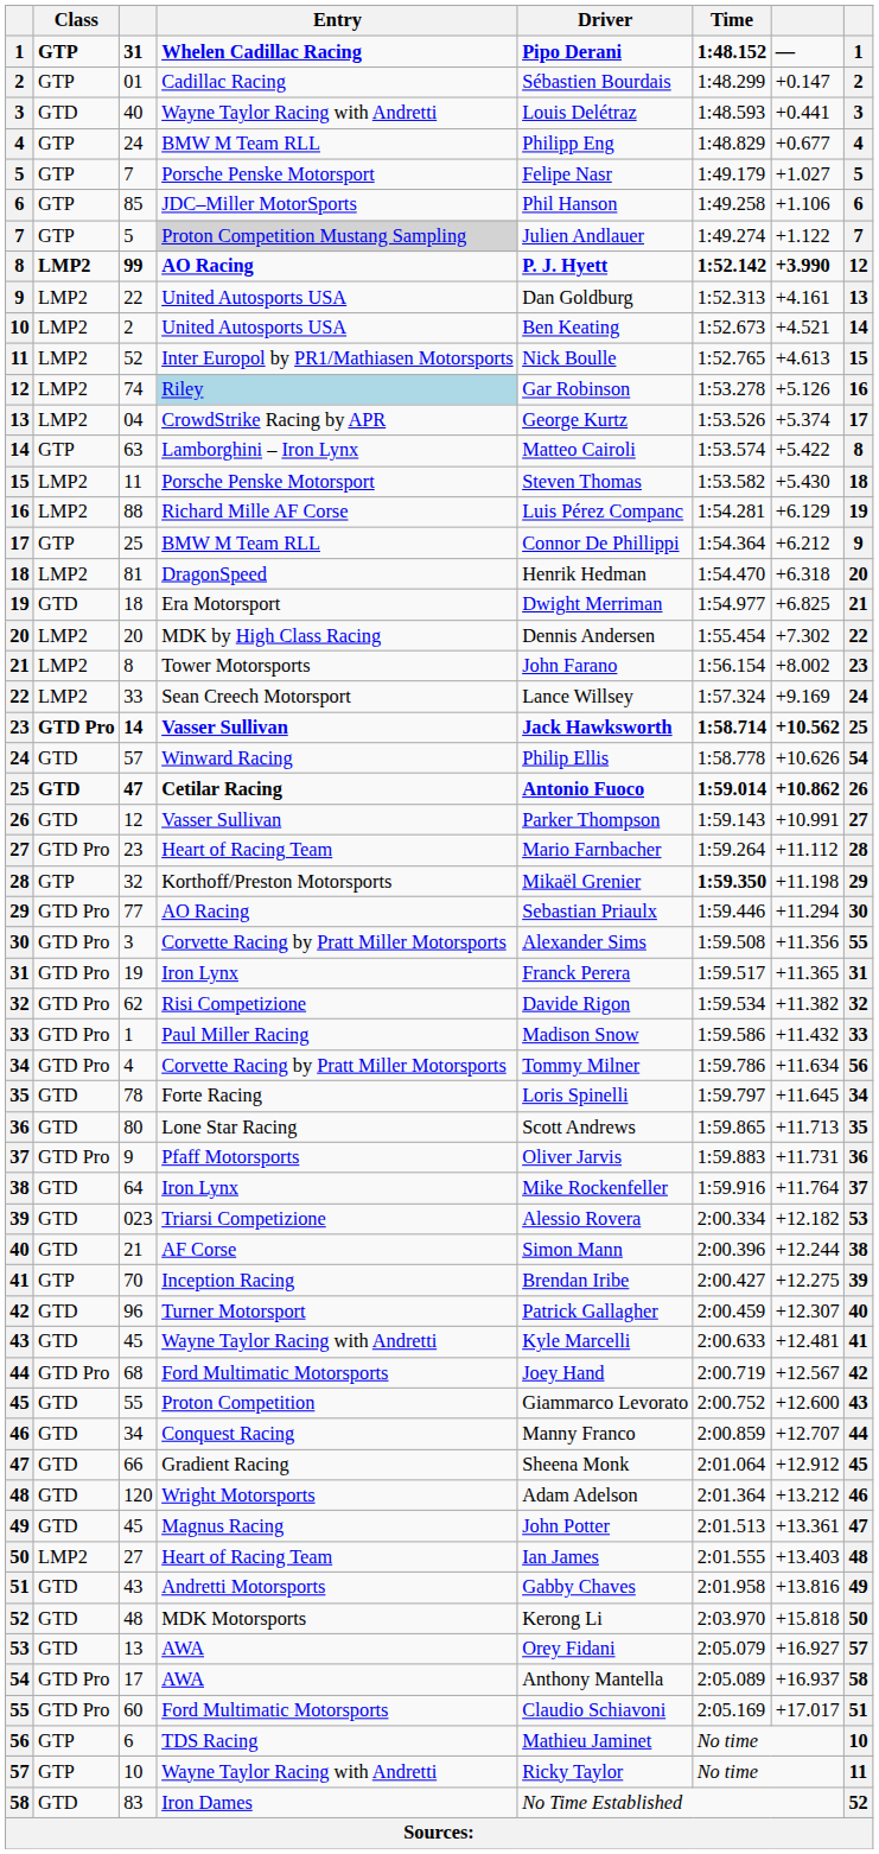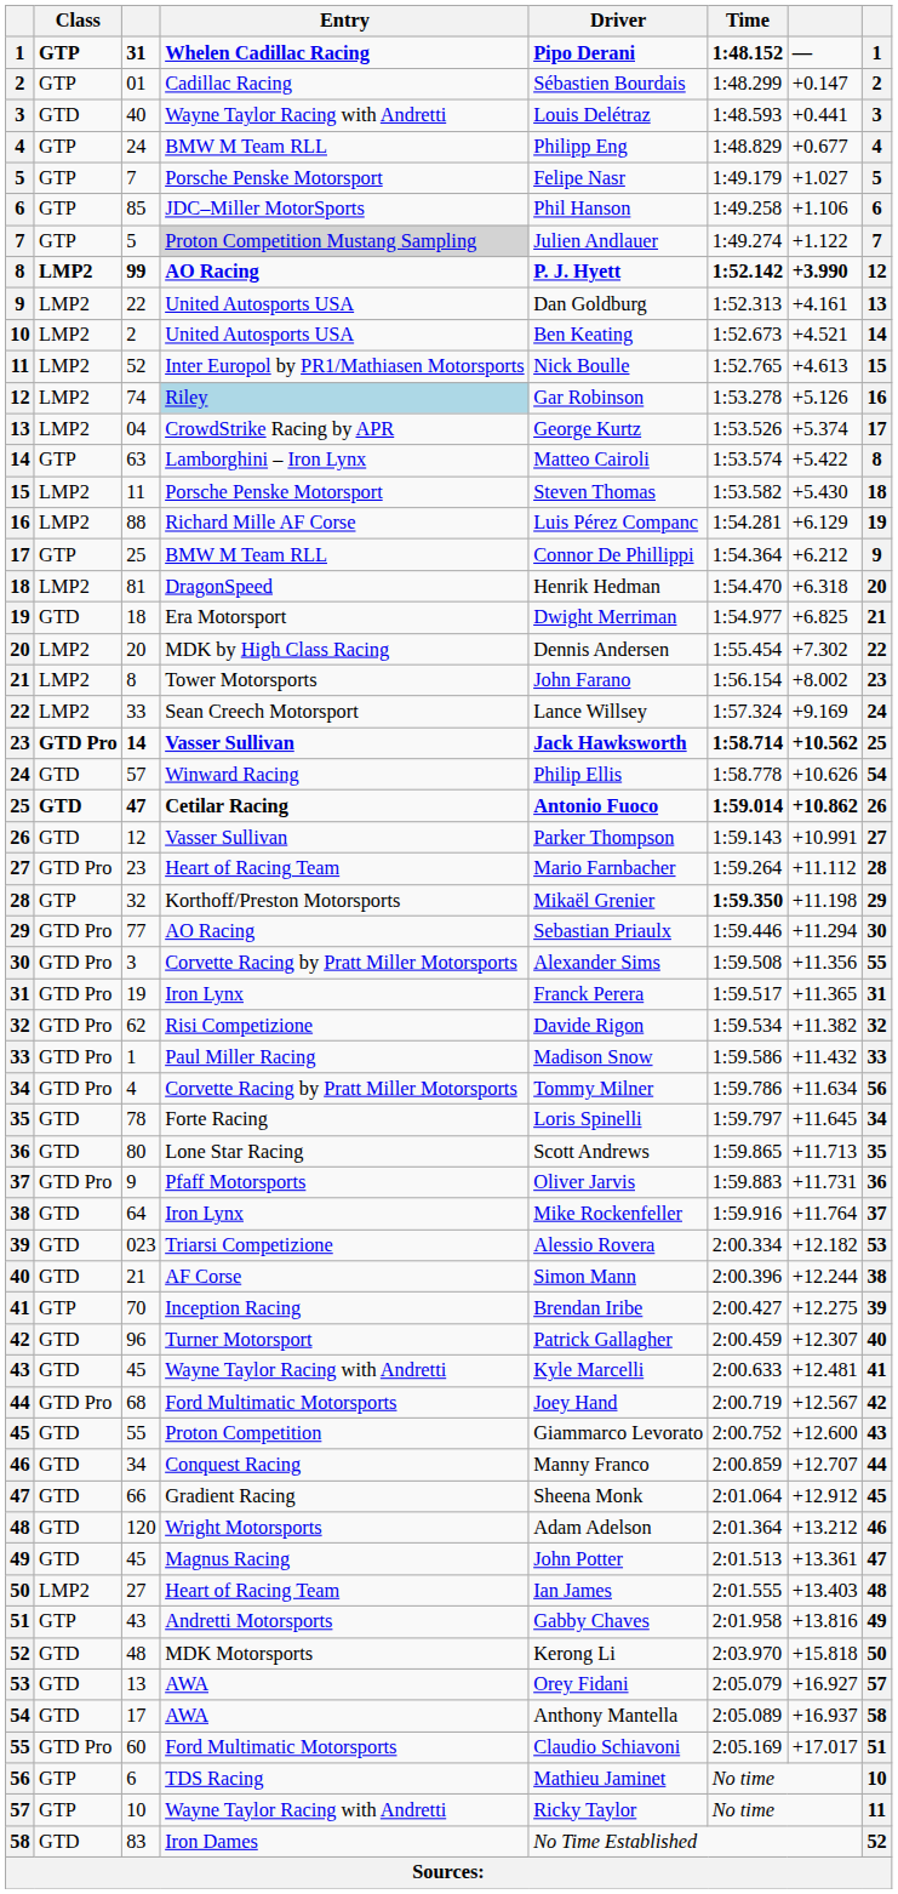 <table class="wikitable">
 <tr>
 <th></th>
 <th>Class</th>
 <th></th>
 <th>Entry</th>
 <th>Driver</th>
 <th>Time</th>
 <th></th>
 <th></th>
 </tr>
 <tr style="font-weight:bold;">
 <th>1</th>
 <td>GTP</td>
 <td>31</td>
 <td> <a href='#'>Whelen Cadillac Racing</a></td>
 <td> <a href='#'>Pipo Derani</a></td>
 <td>1:48.152</td>
 <td>—</td>
 <th>1</th>
 </tr>
 <tr>
 <th>2</th>
 <td>GTP</td>
 <td>01</td>
 <td> <a href='#'>Cadillac Racing</a></td>
 <td> <a href='#'>Sébastien Bourdais</a></td>
 <td>1:48.299</td>
 <td>+0.147</td>
 <th>2</th>
 </tr>
 <tr>
 <th>3</th>
 <td>GTD</td>
 <td>40</td>
 <td> <a href='#'>Wayne Taylor Racing</a> with <a href='#'>Andretti</a></td>
 <td> <a href='#'>Louis Delétraz</a></td>
 <td>1:48.593</td>
 <td>+0.441</td>
 <th>3</th>
 </tr>
 <tr>
 <th>4</th>
 <td>GTP</td>
 <td>24</td>
 <td> <a href='#'>BMW M Team RLL</a></td>
 <td> <a href='#'>Philipp Eng</a></td>
 <td>1:48.829</td>
 <td>+0.677</td>
 <th>4</th>
 </tr>
 <tr>
 <th>5</th>
 <td>GTP</td>
 <td>7</td>
 <td> <a href='#'>Porsche Penske Motorsport</a></td>
 <td> <a href='#'>Felipe Nasr</a></td>
 <td>1:49.179</td>
 <td>+1.027</td>
 <th>5</th>
 </tr>
 <tr>
 <th>6</th>
 <td>GTP</td>
 <td>85</td>
 <td> <a href='#'>JDC–Miller MotorSports</a></td>
 <td> <a href='#'>Phil Hanson</a></td>
 <td>1:49.258</td>
 <td>+1.106</td>
 <th>6</th>
 </tr>
 <tr>
 <th>7</th>
 <td>GTP</td>
 <td>5</td>
 <td style="background: lightgrey;"> <a href='#'>Proton Competition Mustang Sampling</a></td>
 <td> <a href='#'>Julien Andlauer</a></td>
 <td>1:49.274</td>
 <td>+1.122</td>
 <th>7</th>
 </tr>
 <tr style="font-weight:bold;">
 <th>8</th>
 <td>LMP2</td>
 <td>99</td>
 <td> <a href='#'>AO Racing</a></td>
 <td> <a href='#'>P. J. Hyett</a></td>
 <td>1:52.142</td>
 <td>+3.990</td>
 <th>12</th>
 </tr>
 <tr>
 <th>9</th>
 <td>LMP2</td>
 <td>22</td>
 <td> <a href='#'>United Autosports USA</a></td>
 <td> Dan Goldburg</td>
 <td>1:52.313</td>
 <td>+4.161</td>
 <th>13</th>
 </tr>
 <tr>
 <th>10</th>
 <td>LMP2</td>
 <td>2</td>
 <td> <a href='#'>United Autosports USA</a></td>
 <td> <a href='#'>Ben Keating</a></td>
 <td>1:52.673</td>
 <td>+4.521</td>
 <th>14</th>
 </tr>
 <tr>
 <th>11</th>
 <td>LMP2</td>
 <td>52</td>
 <td> <a href='#'>Inter Europol</a> by <a href='#'>PR1/Mathiasen Motorsports</a></td>
 <td> <a href='#'>Nick Boulle</a></td>
 <td>1:52.765</td>
 <td>+4.613</td>
 <th>15</th>
 </tr>
 <tr>
 <th>12</th>
 <td>LMP2</td>
 <td>74</td>
 <td style="background: lightblue;"> <a href='#'>Riley</a></td>
 <td> <a href='#'>Gar Robinson</a></td>
 <td>1:53.278</td>
 <td>+5.126</td>
 <th>16</th>
 </tr>
 <tr>
 <th>13</th>
 <td>LMP2</td>
 <td>04</td>
 <td> <a href='#'>CrowdStrike</a> Racing by <a href='#'>APR</a></td>
 <td> <a href='#'>George Kurtz</a></td>
 <td>1:53.526</td>
 <td>+5.374</td>
 <th>17</th>
 </tr>
 <tr>
 <th>14</th>
 <td>GTP</td>
 <td>63</td>
 <td> <a href='#'>Lamborghini</a> – <a href='#'>Iron Lynx</a></td>
 <td> <a href='#'>Matteo Cairoli</a></td>
 <td>1:53.574</td>
 <td>+5.422</td>
 <th>8</th>
 </tr>
 <tr>
 <th>15</th>
 <td>LMP2</td>
 <td>11</td>
 <td> <a href='#'>Porsche Penske Motorsport</a></td>
 <td> <a href='#'>Steven Thomas</a></td>
 <td>1:53.582</td>
 <td>+5.430</td>
 <th>18</th>
 </tr>
 <tr>
 <th>16</th>
 <td>LMP2</td>
 <td>88</td>
 <td> <a href='#'>Richard Mille AF Corse</a></td>
 <td> <a href='#'>Luis Pérez Companc</a></td>
 <td>1:54.281</td>
 <td>+6.129</td>
 <th>19</th>
 </tr>
 <tr>
 <th>17</th>
 <td>GTP</td>
 <td>25</td>
 <td> <a href='#'>BMW M Team RLL</a></td>
 <td> <a href='#'>Connor De Phillippi</a></td>
 <td>1:54.364</td>
 <td>+6.212</td>
 <th>9</th>
 </tr>
 <tr>
 <th>18</th>
 <td>LMP2</td>
 <td>81</td>
 <td> <a href='#'>DragonSpeed</a></td>
 <td> Henrik Hedman</td>
 <td>1:54.470</td>
 <td>+6.318</td>
 <th>20</th>
 </tr>
 <tr>
 <th>19</th>
 <td>GTD</td>
 <td>18</td>
 <td> Era Motorsport</td>
 <td> <a href='#'>Dwight Merriman</a></td>
 <td>1:54.977</td>
 <td>+6.825</td>
 <th>21</th>
 </tr>
 <tr>
 <th>20</th>
 <td>LMP2</td>
 <td>20</td>
 <td> MDK by <a href='#'>High Class Racing</a></td>
 <td> Dennis Andersen</td>
 <td>1:55.454</td>
 <td>+7.302</td>
 <th>22</th>
 </tr>
 <tr>
 <th>21</th>
 <td>LMP2</td>
 <td>8</td>
 <td> Tower Motorsports</td>
 <td> <a href='#'>John Farano</a></td>
 <td>1:56.154</td>
 <td>+8.002</td>
 <th>23</th>
 </tr>
 <tr>
 <th>22</th>
 <td>LMP2</td>
 <td>33</td>
 <td> Sean Creech Motorsport</td>
 <td> Lance Willsey</td>
 <td>1:57.324</td>
 <td>+9.169</td>
 <th>24</th>
 </tr>
 <tr style="font-weight:bold;">
 <th>23</th>
 <td>GTD Pro</td>
 <td>14</td>
 <td> <a href='#'>Vasser Sullivan</a></td>
 <td> <a href='#'>Jack Hawksworth</a></td>
 <td>1:58.714</td>
 <td>+10.562</td>
 <th>25</th>
 </tr>
 <tr>
 <th>24</th>
 <td>GTD</td>
 <td>57</td>
 <td> <a href='#'>Winward Racing</a></td>
 <td> <a href='#'>Philip Ellis</a></td>
 <td>1:58.778</td>
 <td>+10.626</td>
 <th>54</th>
 </tr>
 <tr style="font-weight:bold;">
 <th>25</th>
 <td>GTD</td>
 <td>47</td>
 <td> Cetilar Racing</td>
 <td> <a href='#'>Antonio Fuoco</a></td>
 <td>1:59.014</td>
 <td>+10.862</td>
 <th>26</th>
 </tr>
 <tr>
 <th>26</th>
 <td>GTD</td>
 <td>12</td>
 <td> <a href='#'>Vasser Sullivan</a></td>
 <td> <a href='#'>Parker Thompson</a></td>
 <td>1:59.143</td>
 <td>+10.991</td>
 <th>27</th>
 </tr>
 <tr>
 <th>27</th>
 <td>GTD Pro</td>
 <td>23</td>
 <td> <a href='#'>Heart of Racing Team</a></td>
 <td> <a href='#'>Mario Farnbacher</a></td>
 <td>1:59.264</td>
 <td>+11.112</td>
 <th>28</th>
 </tr>
 <tr>
 <th>28</th>
 <td>GTP</td>
 <td>32</td>
 <td> Korthoff/Preston Motorsports</td>
 <td> <a href='#'>Mikaël Grenier</a></td>
 <td><strong>1:59.350</strong></td>
 <td>+11.198</td>
 <th>29</th>
 </tr>
 <tr>
 <th>29</th>
 <td>GTD Pro</td>
 <td>77</td>
 <td> <a href='#'>AO Racing</a></td>
 <td> <a href='#'>Sebastian Priaulx</a></td>
 <td>1:59.446</td>
 <td>+11.294</td>
 <th>30</th>
 </tr>
 <tr>
 <th>30</th>
 <td>GTD Pro</td>
 <td>3</td>
 <td> <a href='#'>Corvette Racing</a> by <a href='#'>Pratt Miller Motorsports</a></td>
 <td> <a href='#'>Alexander Sims</a></td>
 <td>1:59.508</td>
 <td>+11.356</td>
 <th>55</th>
 </tr>
 <tr>
 <th>31</th>
 <td>GTD Pro</td>
 <td>19</td>
 <td> <a href='#'>Iron Lynx</a></td>
 <td> <a href='#'>Franck Perera</a></td>
 <td>1:59.517</td>
 <td>+11.365</td>
 <th>31</th>
 </tr>
 <tr>
 <th>32</th>
 <td>GTD Pro</td>
 <td>62</td>
 <td> <a href='#'>Risi Competizione</a></td>
 <td> <a href='#'>Davide Rigon</a></td>
 <td>1:59.534</td>
 <td>+11.382</td>
 <th>32</th>
 </tr>
 <tr>
 <th>33</th>
 <td>GTD Pro</td>
 <td>1</td>
 <td> <a href='#'>Paul Miller Racing</a></td>
 <td> <a href='#'>Madison Snow</a></td>
 <td>1:59.586</td>
 <td>+11.432</td>
 <th>33</th>
 </tr>
 <tr>
 <th>34</th>
 <td>GTD Pro</td>
 <td>4</td>
 <td> <a href='#'>Corvette Racing</a> by <a href='#'>Pratt Miller Motorsports</a></td>
 <td> <a href='#'>Tommy Milner</a></td>
 <td>1:59.786</td>
 <td>+11.634</td>
 <th>56</th>
 </tr>
 <tr>
 <th>35</th>
 <td>GTD</td>
 <td>78</td>
 <td> Forte Racing</td>
 <td> <a href='#'>Loris Spinelli</a></td>
 <td>1:59.797</td>
 <td>+11.645</td>
 <th>34</th>
 </tr>
 <tr>
 <th>36</th>
 <td>GTD</td>
 <td>80</td>
 <td> Lone Star Racing</td>
 <td> Scott Andrews</td>
 <td>1:59.865</td>
 <td>+11.713</td>
 <th>35</th>
 </tr>
 <tr>
 <th>37</th>
 <td>GTD Pro</td>
 <td>9</td>
 <td> <a href='#'>Pfaff Motorsports</a></td>
 <td> <a href='#'>Oliver Jarvis</a></td>
 <td>1:59.883</td>
 <td>+11.731</td>
 <th>36</th>
 </tr>
 <tr>
 <th>38</th>
 <td>GTD</td>
 <td>64</td>
 <td> <a href='#'>Iron Lynx</a></td>
 <td> <a href='#'>Mike Rockenfeller</a></td>
 <td>1:59.916</td>
 <td>+11.764</td>
 <th>37</th>
 </tr>
 <tr>
 <th>39</th>
 <td>GTD</td>
 <td>023</td>
 <td> <a href='#'>Triarsi Competizione</a></td>
 <td> <a href='#'>Alessio Rovera</a></td>
 <td>2:00.334</td>
 <td>+12.182</td>
 <th>53</th>
 </tr>
 <tr>
 <th>40</th>
 <td>GTD</td>
 <td>21</td>
 <td> <a href='#'>AF Corse</a></td>
 <td> <a href='#'>Simon Mann</a></td>
 <td>2:00.396</td>
 <td>+12.244</td>
 <th>38</th>
 </tr>
 <tr>
 <th>41</th>
 <td>GTP</td>
 <td>70</td>
 <td> <a href='#'>Inception Racing</a></td>
 <td> <a href='#'>Brendan Iribe</a></td>
 <td>2:00.427</td>
 <td>+12.275</td>
 <th>39</th>
 </tr>
 <tr>
 <th>42</th>
 <td>GTD</td>
 <td>96</td>
 <td> <a href='#'>Turner Motorsport</a></td>
 <td> <a href='#'>Patrick Gallagher</a></td>
 <td>2:00.459</td>
 <td>+12.307</td>
 <th>40</th>
 </tr>
 <tr>
 <th>43</th>
 <td>GTD</td>
 <td>45</td>
 <td> <a href='#'>Wayne Taylor Racing</a> with <a href='#'>Andretti</a></td>
 <td> <a href='#'>Kyle Marcelli</a></td>
 <td>2:00.633</td>
 <td>+12.481</td>
 <th>41</th>
 </tr>
 <tr>
 <th>44</th>
 <td>GTD Pro</td>
 <td>68</td>
 <td> <a href='#'>Ford Multimatic Motorsports</a></td>
 <td> <a href='#'>Joey Hand</a></td>
 <td>2:00.719</td>
 <td>+12.567</td>
 <th>42</th>
 </tr>
 <tr>
 <th>45</th>
 <td>GTD</td>
 <td>55</td>
 <td> <a href='#'>Proton Competition</a></td>
 <td> Giammarco Levorato</td>
 <td>2:00.752</td>
 <td>+12.600</td>
 <th>43</th>
 </tr>
 <tr>
 <th>46</th>
 <td>GTD</td>
 <td>34</td>
 <td> <a href='#'>Conquest Racing</a></td>
 <td> Manny Franco</td>
 <td>2:00.859</td>
 <td>+12.707</td>
 <th>44</th>
 </tr>
 <tr>
 <th>47</th>
 <td>GTD</td>
 <td>66</td>
 <td> Gradient Racing</td>
 <td> Sheena Monk</td>
 <td>2:01.064</td>
 <td>+12.912</td>
 <th>45</th>
 </tr>
 <tr>
 <th>48</th>
 <td>GTD</td>
 <td>120</td>
 <td> <a href='#'>Wright Motorsports</a></td>
 <td> Adam Adelson</td>
 <td>2:01.364</td>
 <td>+13.212</td>
 <th>46</th>
 </tr>
 <tr>
 <th>49</th>
 <td>GTD</td>
 <td>45</td>
 <td> <a href='#'>Magnus Racing</a></td>
 <td> <a href='#'>John Potter</a></td>
 <td>2:01.513</td>
 <td>+13.361</td>
 <th>47</th>
 </tr>
 <tr>
 <th>50</th>
 <td>LMP2</td>
 <td>27</td>
 <td> <a href='#'>Heart of Racing Team</a></td>
 <td> <a href='#'>Ian James</a></td>
 <td>2:01.555</td>
 <td>+13.403</td>
 <th>48</th>
 </tr>
 <tr>
 <th>51</th>
-<td>GTD</td>
+<td>GTP</td>
 <td>43</td>
 <td> <a href='#'>Andretti Motorsports</a></td>
 <td> <a href='#'>Gabby Chaves</a></td>
 <td>2:01.958</td>
 <td>+13.816</td>
 <th>49</th>
 </tr>
 <tr>
 <th>52</th>
 <td>GTD</td>
 <td>48</td>
 <td> MDK Motorsports</td>
 <td> Kerong Li</td>
 <td>2:03.970</td>
 <td>+15.818</td>
 <th>50</th>
 </tr>
 <tr>
 <th>53</th>
 <td>GTD</td>
 <td>13</td>
 <td> <a href='#'>AWA</a></td>
 <td> <a href='#'>Orey Fidani</a></td>
 <td>2:05.079</td>
 <td>+16.927</td>
 <th>57</th>
 </tr>
 <tr>
 <th>54</th>
-<td>GTD Pro</td>
+<td>GTD</td>
 <td>17</td>
 <td> <a href='#'>AWA</a></td>
 <td> Anthony Mantella</td>
 <td>2:05.089</td>
 <td>+16.937</td>
 <th>58</th>
 </tr>
 <tr>
 <th>55</th>
 <td>GTD Pro</td>
 <td>60</td>
 <td> <a href='#'>Ford Multimatic Motorsports</a></td>
 <td> <a href='#'>Claudio Schiavoni</a></td>
 <td>2:05.169</td>
 <td>+17.017</td>
 <th>51</th>
 </tr>
 <tr>
 <th>56</th>
 <td>GTP</td>
 <td>6</td>
 <td> <a href='#'>TDS Racing</a></td>
 <td> <a href='#'>Mathieu Jaminet</a></td>
 <td colspan="2"><em>No time</em></td>
 <th>10</th>
 </tr>
 <tr>
 <th>57</th>
 <td>GTP</td>
 <td>10</td>
 <td> <a href='#'>Wayne Taylor Racing</a> with <a href='#'>Andretti</a></td>
 <td> <a href='#'>Ricky Taylor</a></td>
 <td colspan="2"><em>No time</em></td>
 <th>11</th>
 </tr>
 <tr>
 <th>58</th>
 <td>GTD</td>
 <td>83</td>
 <td> <a href='#'>Iron Dames</a></td>
 <td colspan="3"><em>No Time Established</em></td>
 <th>52</th>
 </tr>
 <tr>
 <th colspan="8">Sources:</th>
 </tr>
 </table>
